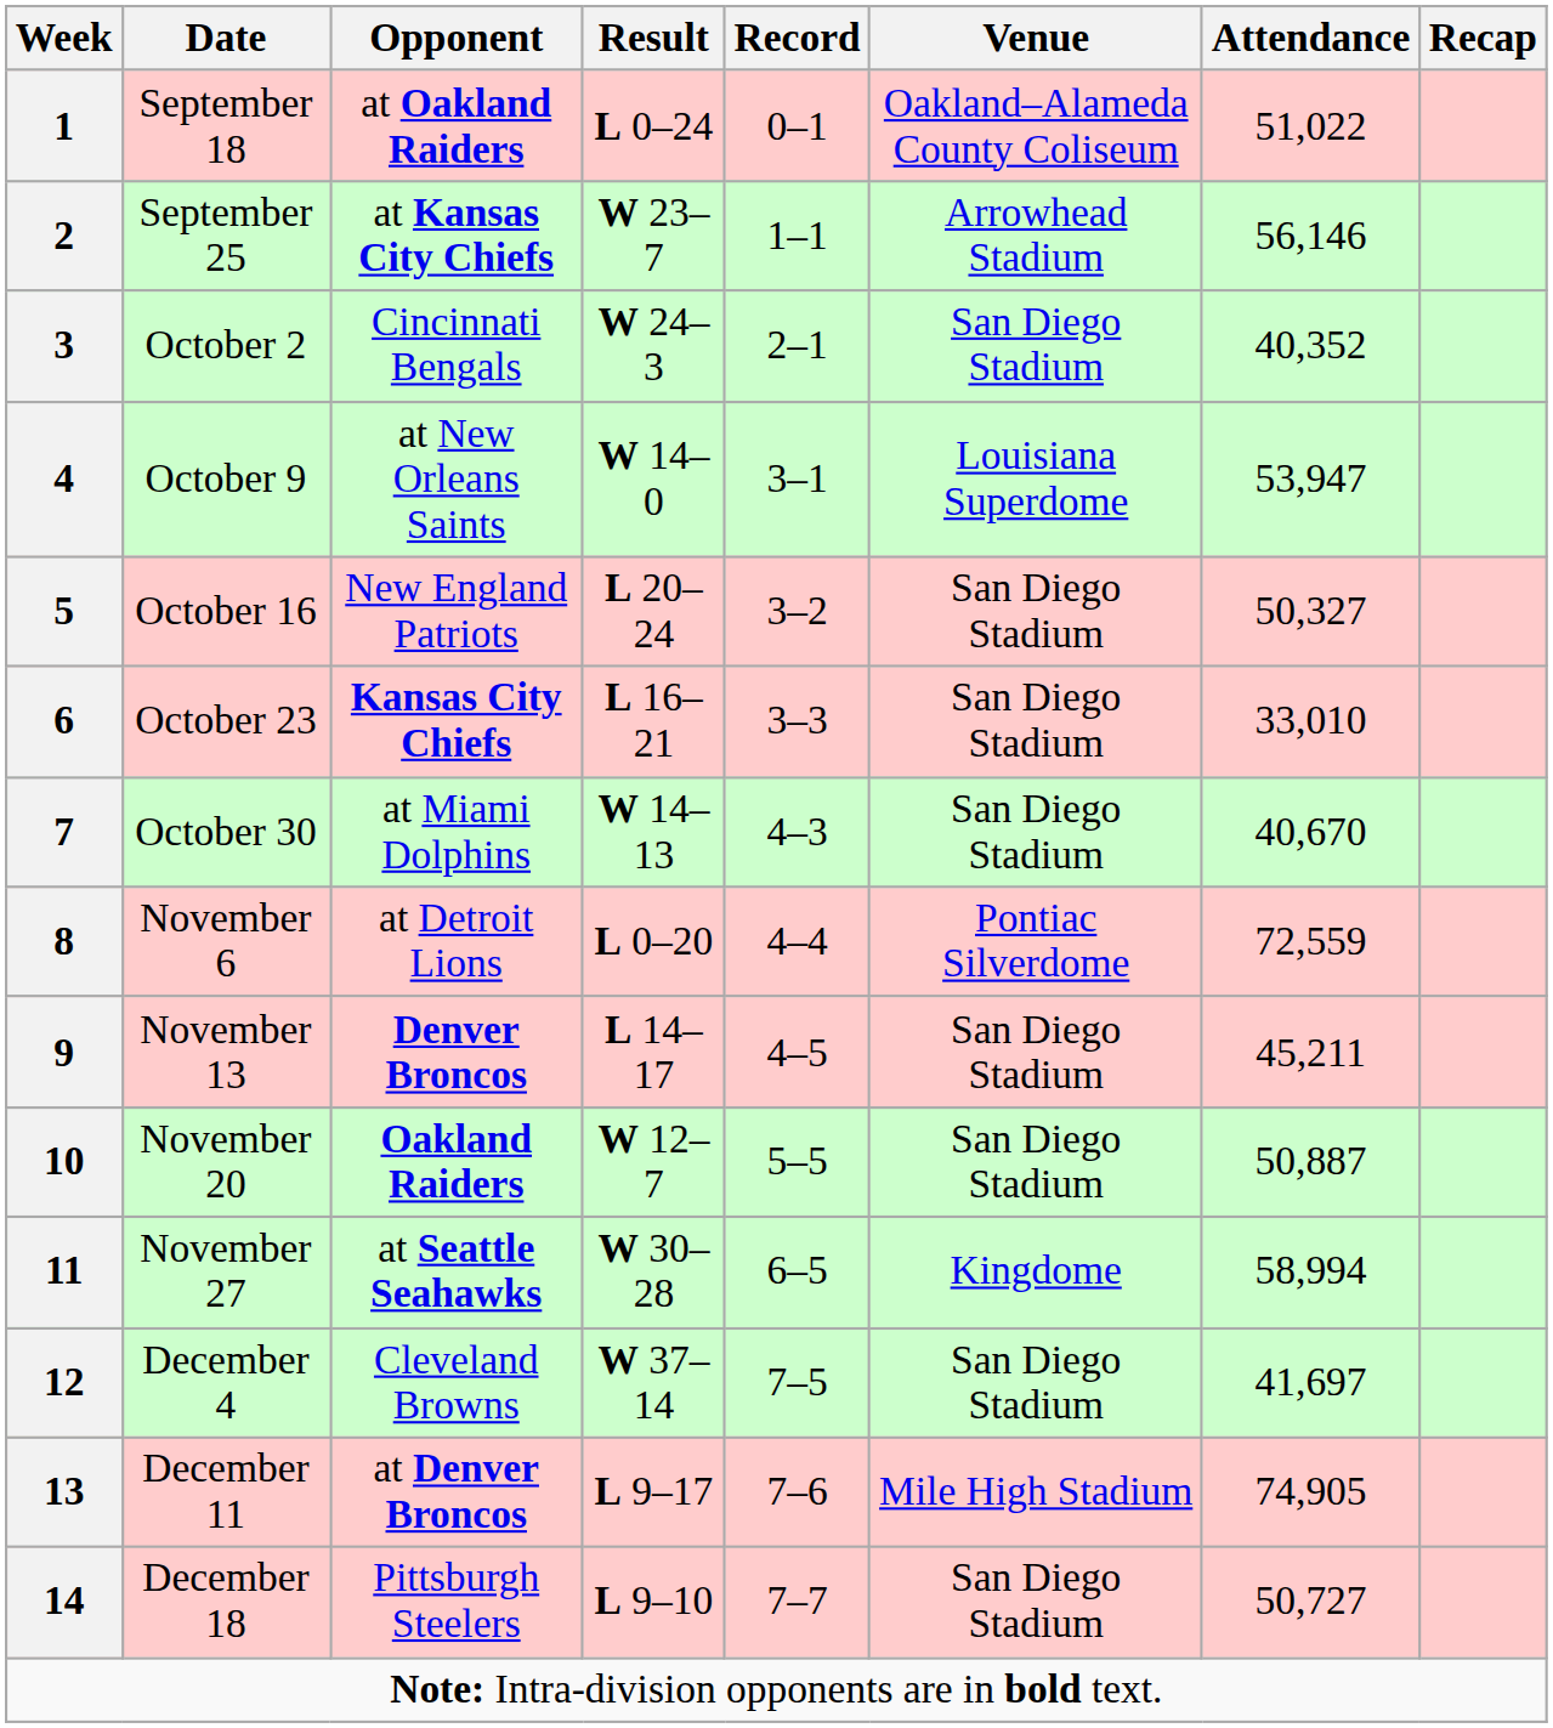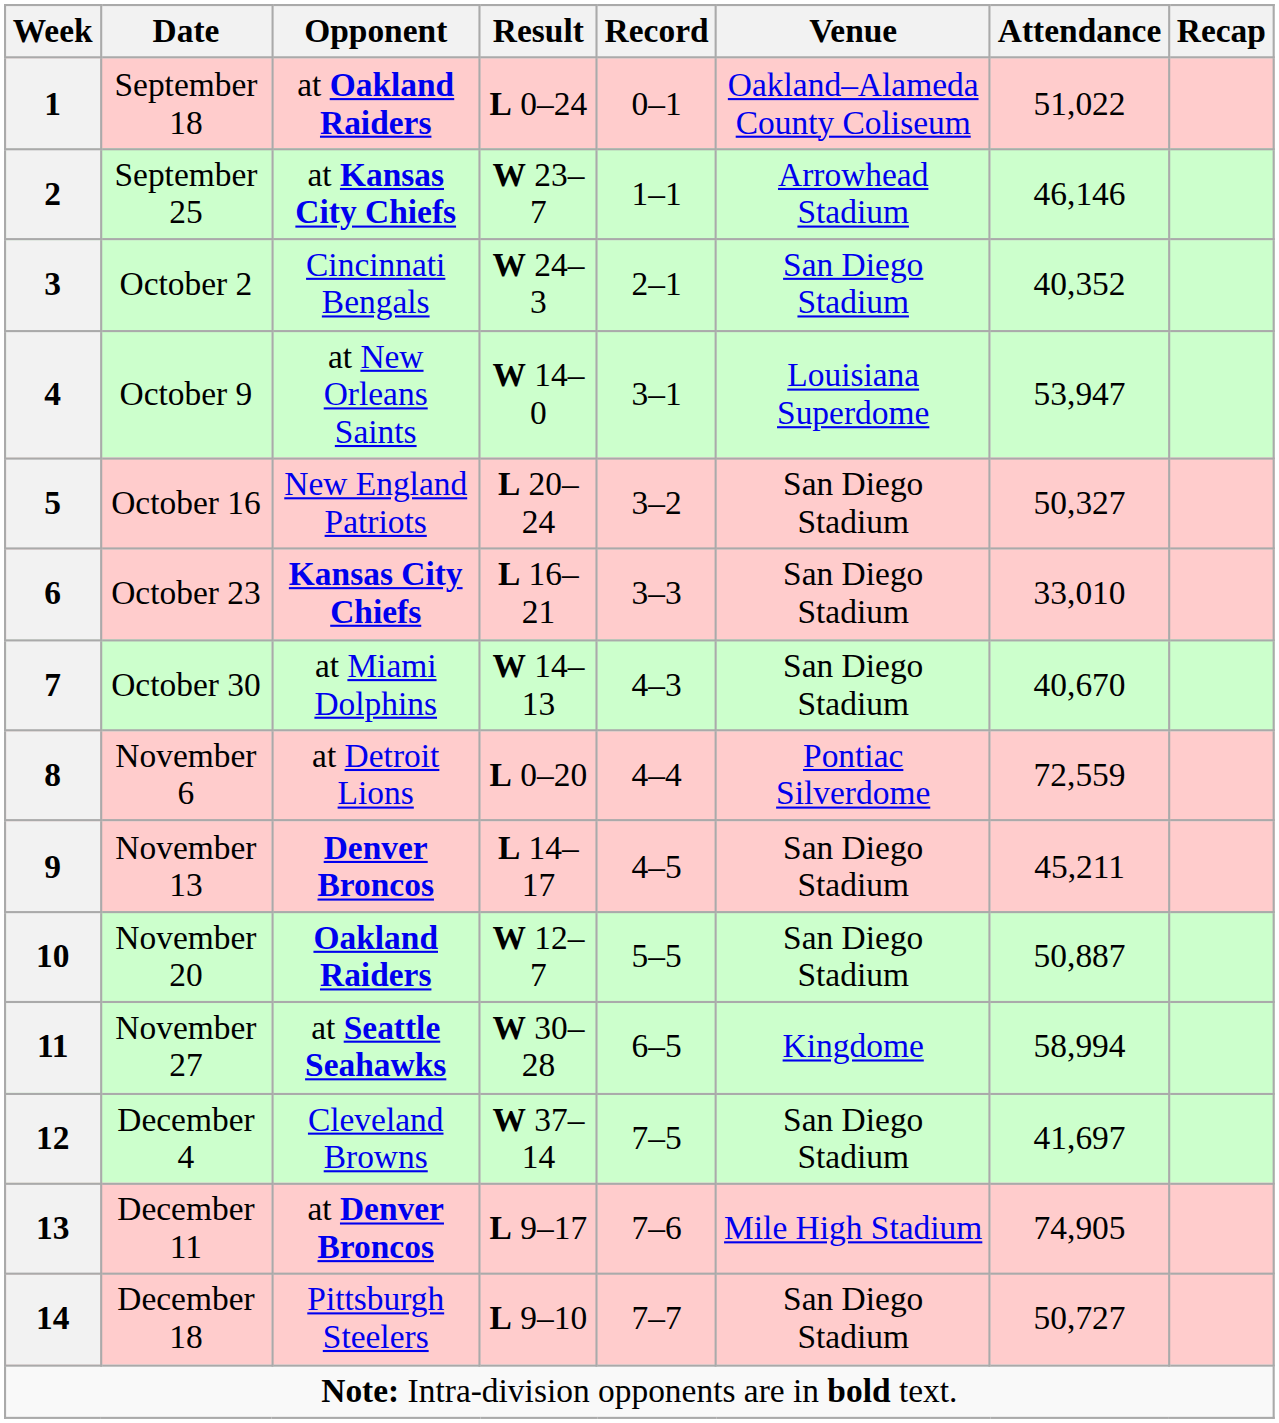 <table class="wikitable" style="text-align:center">
 <tr>
 <th>Week</th>
 <th>Date</th>
 <th>Opponent</th>
 <th>Result</th>
 <th>Record</th>
 <th>Venue</th>
 <th>Attendance</th>
 <th>Recap</th>
 </tr>
 <tr style="background:#fcc">
 <th>1</th>
 <td>September 18</td>
 <td>at <strong><a href='#'>Oakland Raiders</a></strong></td>
 <td><strong>L</strong> 0–24</td>
 <td>0–1</td>
 <td><a href='#'>Oakland–Alameda County Coliseum</a></td>
 <td>51,022</td>
 <td></td>
 </tr>
 <tr style="background:#cfc">
 <th>2</th>
 <td>September 25</td>
 <td>at <strong><a href='#'>Kansas City Chiefs</a></strong></td>
 <td><strong>W</strong> 23–7</td>
 <td>1–1</td>
 <td><a href='#'>Arrowhead Stadium</a></td>
-<td>56,146</td>
+<td>46,146</td>
 <td></td>
 </tr>
 <tr style="background:#cfc">
 <th>3</th>
 <td>October 2</td>
 <td><a href='#'>Cincinnati Bengals</a></td>
 <td><strong>W</strong> 24–3</td>
 <td>2–1</td>
 <td><a href='#'>San Diego Stadium</a></td>
 <td>40,352</td>
 <td></td>
 </tr>
 <tr style="background:#cfc">
 <th>4</th>
 <td>October 9</td>
 <td>at <a href='#'>New Orleans Saints</a></td>
 <td><strong>W</strong> 14–0</td>
 <td>3–1</td>
 <td><a href='#'>Louisiana Superdome</a></td>
 <td>53,947</td>
 <td></td>
 </tr>
 <tr style="background:#fcc">
 <th>5</th>
 <td>October 16</td>
 <td><a href='#'>New England Patriots</a></td>
 <td><strong>L</strong> 20–24</td>
 <td>3–2</td>
 <td>San Diego Stadium</td>
 <td>50,327</td>
 <td></td>
 </tr>
 <tr style="background:#fcc">
 <th>6</th>
 <td>October 23</td>
 <td><strong><a href='#'>Kansas City Chiefs</a></strong></td>
 <td><strong>L</strong> 16–21</td>
 <td>3–3</td>
 <td>San Diego Stadium</td>
 <td>33,010</td>
 <td></td>
 </tr>
 <tr style="background:#cfc">
 <th>7</th>
 <td>October 30</td>
 <td>at <a href='#'>Miami Dolphins</a></td>
 <td><strong>W</strong> 14–13</td>
 <td>4–3</td>
 <td>San Diego Stadium</td>
 <td>40,670</td>
 <td></td>
 </tr>
 <tr style="background:#fcc">
 <th>8</th>
 <td>November 6</td>
 <td>at <a href='#'>Detroit Lions</a></td>
 <td><strong>L</strong> 0–20</td>
 <td>4–4</td>
 <td><a href='#'>Pontiac Silverdome</a></td>
 <td>72,559</td>
 <td></td>
 </tr>
 <tr style="background:#fcc">
 <th>9</th>
 <td>November 13</td>
 <td><strong><a href='#'>Denver Broncos</a></strong></td>
 <td><strong>L</strong> 14–17</td>
 <td>4–5</td>
 <td>San Diego Stadium</td>
 <td>45,211</td>
 <td></td>
 </tr>
 <tr style="background:#cfc">
 <th>10</th>
 <td>November 20</td>
 <td><strong><a href='#'>Oakland Raiders</a></strong></td>
 <td><strong>W</strong> 12–7</td>
 <td>5–5</td>
 <td>San Diego Stadium</td>
 <td>50,887</td>
 <td></td>
 </tr>
 <tr style="background:#cfc">
 <th>11</th>
 <td>November 27</td>
 <td>at <strong><a href='#'>Seattle Seahawks</a></strong></td>
 <td><strong>W</strong> 30–28</td>
 <td>6–5</td>
 <td><a href='#'>Kingdome</a></td>
 <td>58,994</td>
 <td></td>
 </tr>
 <tr style="background:#cfc">
 <th>12</th>
 <td>December 4</td>
 <td><a href='#'>Cleveland Browns</a></td>
 <td><strong>W</strong> 37–14</td>
 <td>7–5</td>
 <td>San Diego Stadium</td>
 <td>41,697</td>
 <td></td>
 </tr>
 <tr style="background:#fcc">
 <th>13</th>
 <td>December 11</td>
 <td>at <strong><a href='#'>Denver Broncos</a></strong></td>
 <td><strong>L</strong> 9–17</td>
 <td>7–6</td>
 <td><a href='#'>Mile High Stadium</a></td>
 <td>74,905</td>
 <td></td>
 </tr>
 <tr style="background:#fcc">
 <th>14</th>
 <td>December 18</td>
 <td><a href='#'>Pittsburgh Steelers</a></td>
 <td><strong>L</strong> 9–10</td>
 <td>7–7</td>
 <td>San Diego Stadium</td>
 <td>50,727</td>
 <td></td>
 </tr>
 <tr>
 <td colspan="8"><strong>Note:</strong> Intra-division opponents are in <strong>bold</strong> text.</td>
 </tr>
 </table>
